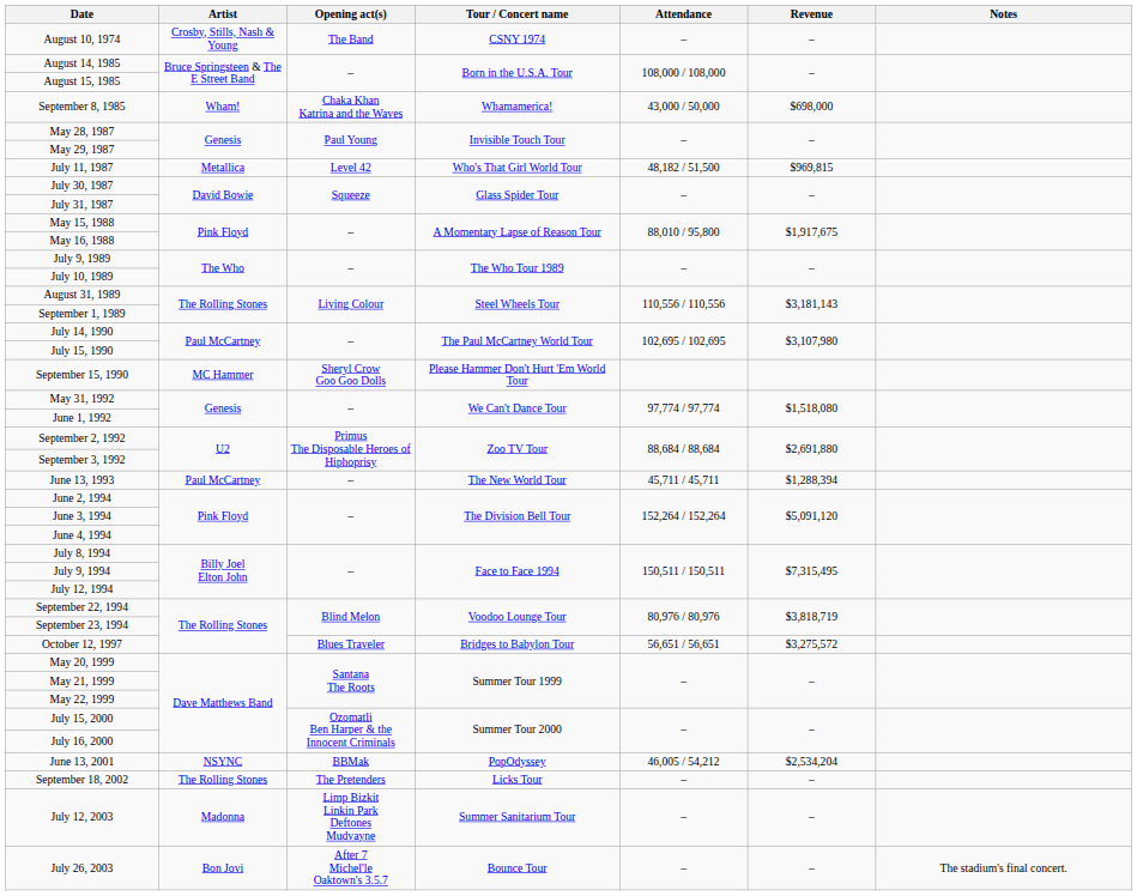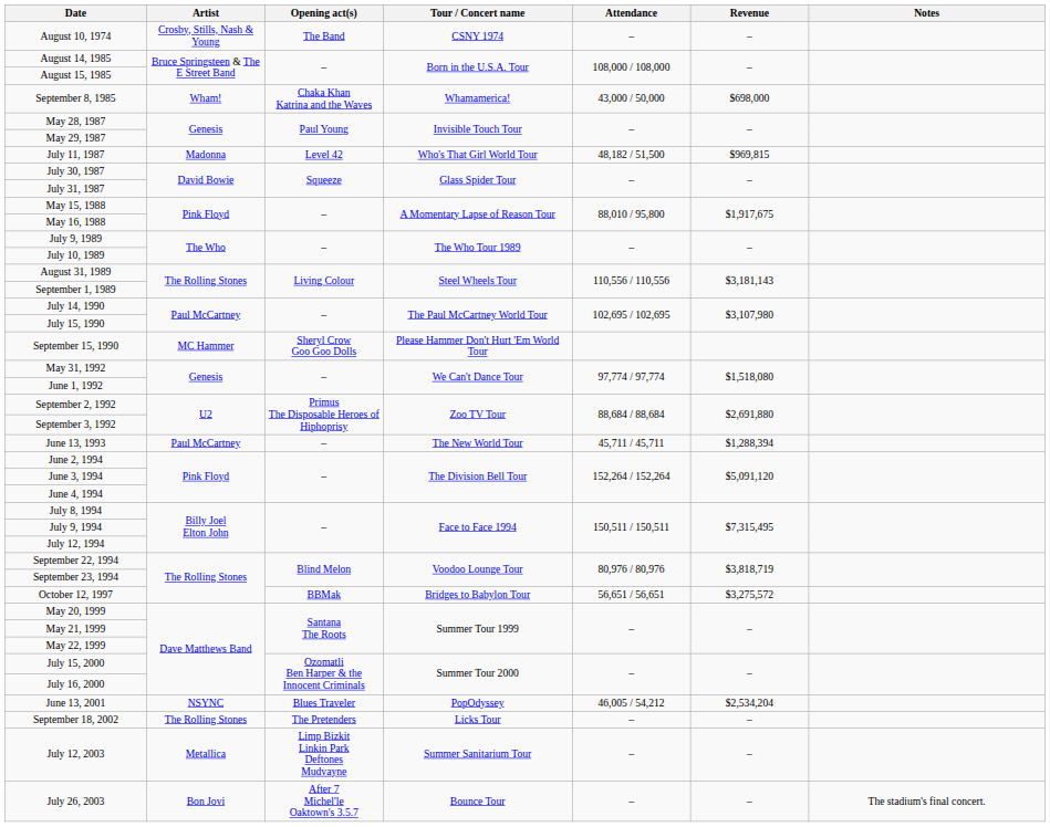 <table class="wikitable" style="text-align:center;">
 <tr>
 <th width=12% style="text-align:center;">Date</th>
 <th width=10% style="text-align:center;">Artist</th>
 <th width=10% style="text-align:center;">Opening act(s)</th>
 <th width=16% style="text-align:center;">Tour / Concert name</th>
 <th width=10% style="text-align:center;">Attendance</th>
 <th width=10% style="text-align:center;">Revenue</th>
 <th width=20% style="text-align:center;">Notes</th>
 </tr>
 <tr>
 <td>August 10, 1974</td>
 <td><a href='#'>Crosby, Stills, Nash & Young</a></td>
 <td><a href='#'>The Band</a></td>
 <td><a href='#'>CSNY 1974</a></td>
 <td>–</td>
 <td>–</td>
 <td></td>
 </tr>
 <tr>
 <td>August 14, 1985</td>
 <td rowspan=2><a href='#'>Bruce Springsteen</a> & <a href='#'>The E Street Band</a></td>
 <td rowspan=2>–</td>
 <td rowspan=2><a href='#'>Born in the U.S.A. Tour</a></td>
 <td rowspan=2>108,000 / 108,000</td>
 <td rowspan=2>–</td>
 <td rowspan=2></td>
 </tr>
 <tr>
 <td>August 15, 1985</td>
 </tr>
 <tr>
 <td>September 8, 1985</td>
 <td><a href='#'>Wham!</a></td>
 <td><a href='#'>Chaka Khan</a> <br> <a href='#'>Katrina and the Waves</a></td>
 <td><a href='#'>Whamamerica!</a></td>
 <td>43,000 / 50,000</td>
 <td>$698,000</td>
 <td></td>
 </tr>
 <tr>
 <td>May 28, 1987</td>
 <td rowspan=2><a href='#'>Genesis</a></td>
 <td rowspan=2><a href='#'>Paul Young</a></td>
 <td rowspan=2><a href='#'>Invisible Touch Tour</a></td>
 <td rowspan=2>–</td>
 <td rowspan=2>–</td>
 <td rowspan=2></td>
 </tr>
 <tr>
 <td>May 29, 1987</td>
 </tr>
 <tr>
 <td>July 11, 1987</td>
-<td><a href='#'>Metallica</a></td>
+<td><a href='#'>Madonna</a></td>
 <td><a href='#'>Level 42</a></td>
 <td><a href='#'>Who's That Girl World Tour</a></td>
 <td>48,182 / 51,500</td>
 <td>$969,815</td>
 <td></td>
 </tr>
 <tr>
 <td>July 30, 1987</td>
 <td rowspan=2><a href='#'>David Bowie</a></td>
 <td rowspan=2><a href='#'>Squeeze</a></td>
 <td rowspan=2><a href='#'>Glass Spider Tour</a></td>
 <td rowspan=2>–</td>
 <td rowspan=2>–</td>
 <td rowspan=2></td>
 </tr>
 <tr>
 <td>July 31, 1987</td>
 </tr>
 <tr>
 <td>May 15, 1988</td>
 <td rowspan=2><a href='#'>Pink Floyd</a></td>
 <td rowspan=2>–</td>
 <td rowspan=2><a href='#'>A Momentary Lapse of Reason Tour</a></td>
 <td rowspan=2>88,010 / 95,800</td>
 <td rowspan=2>$1,917,675</td>
 <td rowspan=2></td>
 </tr>
 <tr>
 <td>May 16, 1988</td>
 </tr>
 <tr>
 <td>July 9, 1989</td>
 <td rowspan=2><a href='#'>The Who</a></td>
 <td rowspan=2>–</td>
 <td rowspan=2><a href='#'>The Who Tour 1989</a></td>
 <td rowspan=2>–</td>
 <td rowspan=2>–</td>
 <td rowspan=2></td>
 </tr>
 <tr>
 <td>July 10, 1989</td>
 </tr>
 <tr>
 <td>August 31, 1989</td>
 <td rowspan=2><a href='#'>The Rolling Stones</a></td>
 <td rowspan=2><a href='#'>Living Colour</a></td>
 <td rowspan=2><a href='#'>Steel Wheels Tour</a></td>
 <td rowspan=2>110,556 / 110,556</td>
 <td rowspan=2>$3,181,143</td>
 <td rowspan=2></td>
 </tr>
 <tr>
 <td>September 1, 1989</td>
 </tr>
 <tr>
 <td>July 14, 1990</td>
 <td rowspan=2><a href='#'>Paul McCartney</a></td>
 <td rowspan=2>–</td>
 <td rowspan=2><a href='#'>The Paul McCartney World Tour</a></td>
 <td rowspan=2>102,695 / 102,695</td>
 <td rowspan=2>$3,107,980</td>
 <td rowspan=2></td>
 </tr>
 <tr>
 <td>July 15, 1990</td>
 </tr>
 <tr>
 <td>September 15, 1990</td>
 <td><a href='#'>MC Hammer</a></td>
 <td><a href='#'>Sheryl Crow</a><br><a href='#'>Goo Goo Dolls</a></td>
 <td><a href='#'>Please Hammer Don't Hurt 'Em World Tour</a></td>
 <td></td>
 <td></td>
 <td></td>
 </tr>
 <tr>
 <td>May 31, 1992</td>
 <td rowspan=2><a href='#'>Genesis</a></td>
 <td rowspan=2>–</td>
 <td rowspan=2><a href='#'>We Can't Dance Tour</a></td>
 <td rowspan=2>97,774 / 97,774</td>
 <td rowspan=2>$1,518,080</td>
 <td rowspan=2></td>
 </tr>
 <tr>
 <td>June 1, 1992</td>
 </tr>
 <tr>
 <td>September 2, 1992</td>
 <td rowspan=2><a href='#'>U2</a></td>
 <td rowspan=2><a href='#'>Primus</a><br><a href='#'>The Disposable Heroes of Hiphoprisy</a></td>
 <td rowspan=2><a href='#'>Zoo TV Tour</a></td>
 <td rowspan=2>88,684 / 88,684</td>
 <td rowspan=2>$2,691,880</td>
 <td rowspan=2></td>
 </tr>
 <tr>
 <td>September 3, 1992</td>
 </tr>
 <tr>
 <td>June 13, 1993</td>
 <td><a href='#'>Paul McCartney</a></td>
 <td>–</td>
 <td><a href='#'>The New World Tour</a></td>
 <td>45,711 / 45,711</td>
 <td>$1,288,394</td>
 <td></td>
 </tr>
 <tr>
 <td>June 2, 1994</td>
 <td rowspan=3><a href='#'>Pink Floyd</a></td>
 <td rowspan=3>–</td>
 <td rowspan=3><a href='#'>The Division Bell Tour</a></td>
 <td rowspan=3>152,264 / 152,264</td>
 <td rowspan=3>$5,091,120</td>
 <td rowspan=3></td>
 </tr>
 <tr>
 <td>June 3, 1994</td>
 </tr>
 <tr>
 <td>June 4, 1994</td>
 </tr>
 <tr>
 <td>July 8, 1994</td>
 <td rowspan=3><a href='#'>Billy Joel</a><br><a href='#'>Elton John</a></td>
 <td rowspan=3>–</td>
 <td rowspan=3><a href='#'>Face to Face 1994</a></td>
 <td rowspan=3>150,511 / 150,511</td>
 <td rowspan=3>$7,315,495</td>
 <td rowspan=3></td>
 </tr>
 <tr>
 <td>July 9, 1994</td>
 </tr>
 <tr>
 <td>July 12, 1994</td>
 </tr>
 <tr>
 <td>September 22, 1994</td>
 <td rowspan=3><a href='#'>The Rolling Stones</a></td>
 <td rowspan=2><a href='#'>Blind Melon</a></td>
 <td rowspan=2><a href='#'>Voodoo Lounge Tour</a></td>
 <td rowspan=2>80,976 / 80,976</td>
 <td rowspan=2>$3,818,719</td>
 <td rowspan=2></td>
 </tr>
 <tr>
 <td>September 23, 1994</td>
 </tr>
 <tr>
 <td>October 12, 1997</td>
-<td><a href='#'>Blues Traveler</a></td>
+<td><a href='#'>BBMak</a></td>
 <td><a href='#'>Bridges to Babylon Tour</a></td>
 <td>56,651 / 56,651</td>
 <td>$3,275,572</td>
 <td></td>
 </tr>
 <tr>
 <td>May 20, 1999</td>
 <td rowspan=5><a href='#'>Dave Matthews Band</a></td>
 <td rowspan=3><a href='#'>Santana</a><br><a href='#'>The Roots</a></td>
 <td rowspan=3>Summer Tour 1999</td>
 <td rowspan=3>–</td>
 <td rowspan=3>–</td>
 <td rowspan=3></td>
 </tr>
 <tr>
 <td>May 21, 1999</td>
 </tr>
 <tr>
 <td>May 22, 1999</td>
 </tr>
 <tr>
 <td>July 15, 2000</td>
 <td rowspan=2><a href='#'>Ozomatli</a><br><a href='#'>Ben Harper & the Innocent Criminals</a></td>
 <td rowspan=2>Summer Tour 2000</td>
 <td rowspan=2>–</td>
 <td rowspan=2>–</td>
 <td rowspan=2></td>
 </tr>
 <tr>
 <td>July 16, 2000</td>
 </tr>
 <tr>
 <td>June 13, 2001</td>
 <td><a href='#'>NSYNC</a></td>
-<td><a href='#'>BBMak</a></td>
+<td><a href='#'>Blues Traveler</a></td>
 <td><a href='#'>PopOdyssey</a></td>
 <td>46,005 / 54,212</td>
 <td>$2,534,204</td>
 <td></td>
 </tr>
 <tr>
 <td>September 18, 2002</td>
 <td><a href='#'>The Rolling Stones</a></td>
 <td><a href='#'>The Pretenders</a></td>
 <td><a href='#'>Licks Tour</a></td>
 <td>–</td>
 <td>–</td>
 <td></td>
 </tr>
 <tr>
 <td>July 12, 2003</td>
-<td><a href='#'>Madonna</a></td>
+<td><a href='#'>Metallica</a></td>
 <td><a href='#'>Limp Bizkit</a><br><a href='#'>Linkin Park</a><br><a href='#'>Deftones</a><br><a href='#'>Mudvayne</a></td>
 <td><a href='#'>Summer Sanitarium Tour</a></td>
 <td>–</td>
 <td>–</td>
 <td></td>
 </tr>
 <tr>
 <td>July 26, 2003</td>
 <td><a href='#'>Bon Jovi</a></td>
 <td><a href='#'>After 7</a><br> <a href='#'>Michel'le</a><br> <a href='#'>Oaktown's 3.5.7</a></td>
 <td><a href='#'>Bounce Tour</a></td>
 <td>–</td>
 <td>–</td>
 <td>The stadium's final concert.</td>
 </tr>
 </table>
